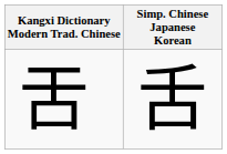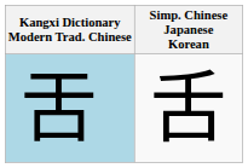 <table class="wikitable">
 <tr>
 <th>Kangxi Dictionary<br>Modern Trad. Chinese</th>
 <th>Simp. Chinese<br>Japanese<br>Korean</th>
 </tr>
 <tr style="font-size:6em;font-family:serif;line-height:100%;">
-<td lang="zh-tw">舌</td>
+<td lang="zh-tw" style="background: lightblue;">舌</td>
 <td lang="zh-cn">舌</td>
 </tr>
 </table>
